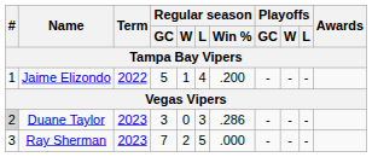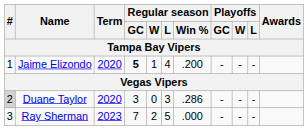 <table class="wikitable" style="text-align:center">
 <tr>
 <th rowspan="2">#</th>
 <th rowspan="2">Name</th>
 <th rowspan="2">Term</th>
 <th colspan="4">Regular season</th>
 <th colspan="3">Playoffs</th>
 <th rowspan="2">Awards</th>
 </tr>
 <tr>
 <th>GC</th>
 <th>W</th>
 <th>L</th>
 <th>Win %</th>
 <th>GC</th>
 <th>W</th>
 <th>L</th>
 </tr>
 <tr>
 <th colspan="11">Tampa Bay Vipers</th>
 </tr>
 <tr>
 <td>1</td>
 <td><a href='#'>Jaime Elizondo</a></td>
-<td><a href='#'>2022</a></td>
-<td>5</td>
+<td><a href='#'>2020</a></td>
+<td><strong>5</strong></td>
 <td>1</td>
 <td>4</td>
 <td>.200</td>
 <td>-</td>
 <td>-</td>
 <td>-</td>
 <td></td>
 </tr>
 <tr>
 <th colspan="11">Vegas Vipers</th>
 </tr>
 <tr>
 <td style="background: lightgrey;">2</td>
 <td><a href='#'>Duane Taylor</a></td>
-<td><a href='#'>2023</a></td>
+<td><a href='#'>2020</a></td>
 <td>3</td>
 <td>0</td>
 <td>3</td>
 <td>.286</td>
 <td>-</td>
 <td>-</td>
 <td>-</td>
 <td></td>
 </tr>
 <tr>
 <td>3</td>
 <td><a href='#'>Ray Sherman</a></td>
 <td><a href='#'>2023</a></td>
 <td>7</td>
 <td>2</td>
 <td>5</td>
 <td>.000</td>
 <td>-</td>
 <td>-</td>
 <td>-</td>
 <td></td>
 </tr>
 </table>
